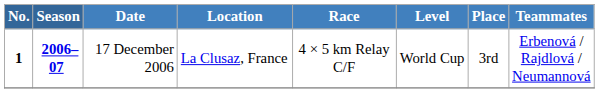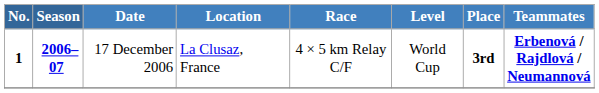 <table class="wikitable sortable" style="font-size:95%; text-align:center; border:grey solid 1px; border-collapse:collapse; background:#ffffff;">
 <tr style="background:#efefef;">
 <th style="background-color:#369; color:white;">No.</th>
 <th style="background-color:#369; color:white;">Season</th>
 <th style="background-color:#4180be; color:white; width:120px;">Date</th>
 <th style="background-color:#4180be; color:white; width:170px;">Location</th>
 <th style="background-color:#4180be; color:white; width:170px;">Race</th>
 <th style="background-color:#4180be; color:white; width:100px;">Level</th>
 <th style="background-color:#4180be; color:white;">Place</th>
 <th style="background-color:#4180be; color:white;">Teammates</th>
 </tr>
 <tr>
 <td align=center><strong>1</strong></td>
 <td rowspan=1 align=center><strong> <a href='#'>2006–07</a> </strong></td>
 <td align=right>17 December 2006</td>
 <td align=left> <a href='#'>La Clusaz</a>, France</td>
 <td>4 × 5 km Relay C/F</td>
 <td>World Cup</td>
-<td>3rd</td>
-<td><a href='#'>Erbenová</a> / <a href='#'>Rajdlová</a>  / <a href='#'>Neumannová</a></td>
+<td><strong>3rd</strong></td>
+<td><strong><a href='#'>Erbenová</a> / <a href='#'>Rajdlová</a>  / <a href='#'>Neumannová</a></strong></td>
 </tr>
 <tr>
 </tr>
 </table>
